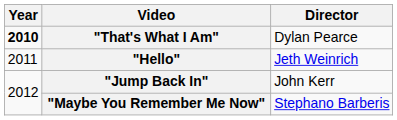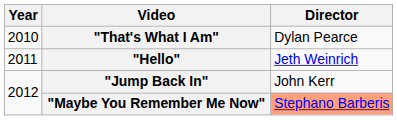 <table class="wikitable plainrowheaders">
 <tr>
 <th>Year</th>
 <th style="width:16em;">Video</th>
 <th>Director</th>
 </tr>
 <tr>
-<td><strong>2010</strong></td>
+<td>2010</td>
 <th scope="row">"That's What I Am"</th>
 <td>Dylan Pearce</td>
 </tr>
 <tr>
 <td>2011</td>
 <th scope="row">"Hello"</th>
 <td><a href='#'>Jeth Weinrich</a></td>
 </tr>
 <tr>
 <td rowspan="2">2012</td>
 <th scope="row">"Jump Back In"</th>
 <td>John Kerr</td>
 </tr>
 <tr>
 <th scope="row">"Maybe You Remember Me Now"</th>
-<td><a href='#'>Stephano Barberis</a></td>
+<td style="background: lightsalmon;"><a href='#'>Stephano Barberis</a></td>
 </tr>
 </table>
